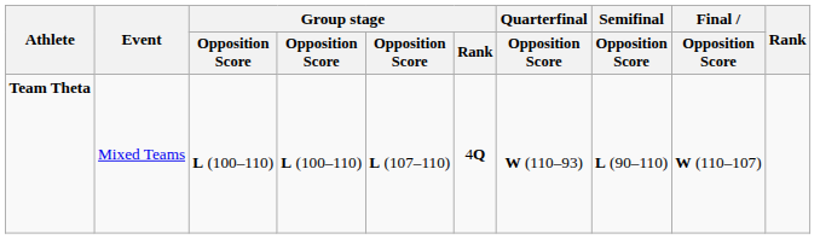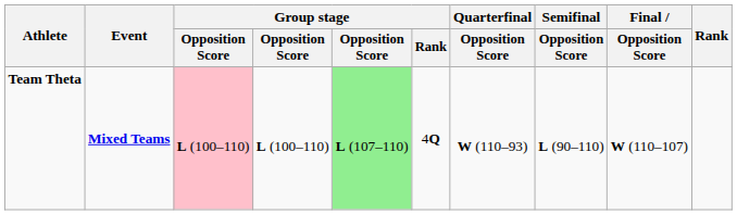 <table class="wikitable" style="font-size:90%">
 <tr>
 <th rowspan=2>Athlete</th>
 <th rowspan=2>Event</th>
 <th colspan=4>Group stage</th>
 <th>Quarterfinal</th>
 <th>Semifinal</th>
 <th>Final / </th>
 <th rowspan=2>Rank</th>
 </tr>
 <tr style="font-size:95%">
 <th>Opposition<br>Score</th>
 <th>Opposition<br>Score</th>
 <th>Opposition<br>Score</th>
 <th>Rank</th>
 <th>Opposition<br>Score</th>
 <th>Opposition<br>Score</th>
 <th>Opposition<br>Score</th>
 </tr>
 <tr align=center>
 <td align=left><strong>Team Theta</strong> <br><br><br><br><br><br><br><br></td>
-<td align=left><a href='#'>Mixed Teams</a></td>
+<td align=left><strong><a href='#'>Mixed Teams</a></strong></td>
+<td style="background: pink;"><br><strong>L</strong> (100–110)</td>
 <td><br><strong>L</strong> (100–110)</td>
-<td><br><strong>L</strong> (100–110)</td>
-<td><br><strong>L</strong> (107–110)</td>
+<td style="background: lightgreen;"><br><strong>L</strong> (107–110)</td>
 <td>4<strong>Q</strong></td>
 <td><br><strong>W</strong> (110–93)</td>
 <td><br><strong>L</strong> (90–110)</td>
 <td><br><strong>W</strong> (110–107)</td>
 <td></td>
 </tr>
 </table>
